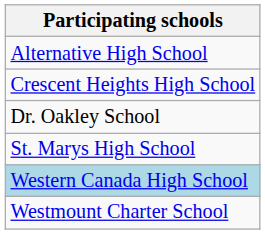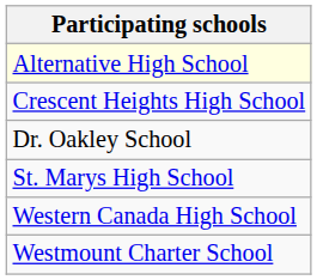 <table class="wikitable" align=right>
 <tr>
 <th>Participating schools</th>
 </tr>
 <tr>
-<td><a href='#'>Alternative High School</a></td>
+<td style="background: lightyellow;"><a href='#'>Alternative High School</a></td>
 </tr>
 <tr>
 <td><a href='#'>Crescent Heights High School</a></td>
 </tr>
 <tr>
 <td>Dr. Oakley School</td>
 </tr>
 <tr>
 <td><a href='#'>St. Marys High School</a></td>
 </tr>
 <tr>
-<td style="background: lightblue;"><a href='#'>Western Canada High School</a></td>
+<td><a href='#'>Western Canada High School</a></td>
 </tr>
 <tr>
 <td><a href='#'>Westmount Charter School</a></td>
 </tr>
 </table>
